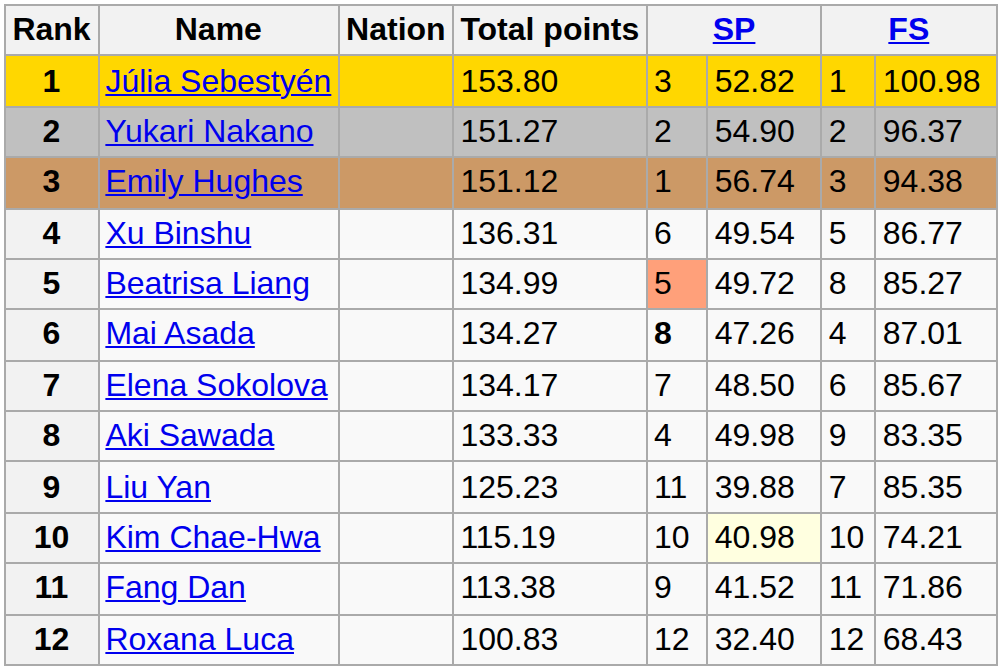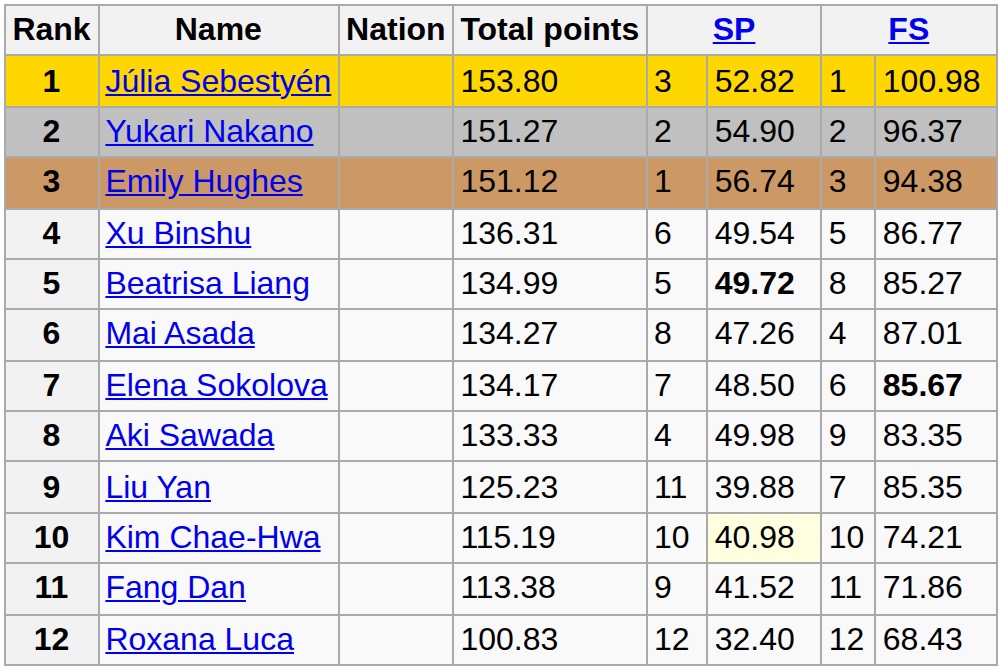 <table class="wikitable">
 <tr>
 <th>Rank</th>
 <th>Name</th>
 <th>Nation</th>
 <th>Total points</th>
 <th colspan="2" width="80px"><a href='#'>SP</a></th>
 <th colspan="2" width="80px"><a href='#'>FS</a></th>
 </tr>
 <tr bgcolor="gold">
 <td align="center"><strong>1</strong></td>
 <td><a href='#'>Júlia Sebestyén</a></td>
 <td></td>
 <td>153.80</td>
 <td>3</td>
 <td>52.82</td>
 <td>1</td>
 <td>100.98</td>
 </tr>
 <tr bgcolor="silver">
 <td align="center"><strong>2</strong></td>
 <td><a href='#'>Yukari Nakano</a></td>
 <td></td>
 <td>151.27</td>
 <td>2</td>
 <td>54.90</td>
 <td>2</td>
 <td>96.37</td>
 </tr>
 <tr bgcolor="cc9966">
 <td align="center"><strong>3</strong></td>
 <td><a href='#'>Emily Hughes</a></td>
 <td></td>
 <td>151.12</td>
 <td>1</td>
 <td>56.74</td>
 <td>3</td>
 <td>94.38</td>
 </tr>
 <tr>
 <th>4</th>
 <td><a href='#'>Xu Binshu</a></td>
 <td></td>
 <td>136.31</td>
 <td>6</td>
 <td>49.54</td>
 <td>5</td>
 <td>86.77</td>
 </tr>
 <tr>
 <th>5</th>
 <td><a href='#'>Beatrisa Liang</a></td>
 <td></td>
 <td>134.99</td>
-<td style="background: lightsalmon;">5</td>
-<td>49.72</td>
+<td>5</td>
+<td><strong>49.72</strong></td>
 <td>8</td>
 <td>85.27</td>
 </tr>
 <tr>
 <th>6</th>
 <td><a href='#'>Mai Asada</a></td>
 <td></td>
 <td>134.27</td>
-<td><strong>8</strong></td>
+<td>8</td>
 <td>47.26</td>
 <td>4</td>
 <td>87.01</td>
 </tr>
 <tr>
 <th>7</th>
 <td><a href='#'>Elena Sokolova</a></td>
 <td></td>
 <td>134.17</td>
 <td>7</td>
 <td>48.50</td>
 <td>6</td>
-<td>85.67</td>
+<td><strong>85.67</strong></td>
 </tr>
 <tr>
 <th>8</th>
 <td><a href='#'>Aki Sawada</a></td>
 <td></td>
 <td>133.33</td>
 <td>4</td>
 <td>49.98</td>
 <td>9</td>
 <td>83.35</td>
 </tr>
 <tr>
 <th>9</th>
 <td><a href='#'>Liu Yan</a></td>
 <td></td>
 <td>125.23</td>
 <td>11</td>
 <td>39.88</td>
 <td>7</td>
 <td>85.35</td>
 </tr>
 <tr>
 <th>10</th>
 <td><a href='#'>Kim Chae-Hwa</a></td>
 <td></td>
 <td>115.19</td>
 <td>10</td>
 <td style="background: lightyellow;">40.98</td>
 <td>10</td>
 <td>74.21</td>
 </tr>
 <tr>
 <th>11</th>
 <td><a href='#'>Fang Dan</a></td>
 <td></td>
 <td>113.38</td>
 <td>9</td>
 <td>41.52</td>
 <td>11</td>
 <td>71.86</td>
 </tr>
 <tr>
 <th>12</th>
 <td><a href='#'>Roxana Luca</a></td>
 <td></td>
 <td>100.83</td>
 <td>12</td>
 <td>32.40</td>
 <td>12</td>
 <td>68.43</td>
 </tr>
 </table>
